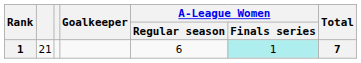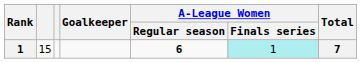 <table class="wikitable" style="text-align:center">
 <tr>
 <th rowspan="2">Rank</th>
 <th rowspan="2"></th>
 <th rowspan="2"></th>
 <th rowspan="2">Goalkeeper</th>
 <th colspan="2"><a href='#'>A-League Women</a></th>
 <th rowspan="2">Total</th>
 </tr>
 <tr>
 <th>Regular season</th>
 <th>Finals series</th>
 </tr>
 <tr>
 <th>1</th>
-<td>21</td>
+<td>15</td>
 <td></td>
 <td align="left"></td>
-<td>6</td>
+<td><strong>6</strong></td>
 <td style="background: paleturquoise;">1</td>
 <th>7</th>
 </tr>
 </table>
